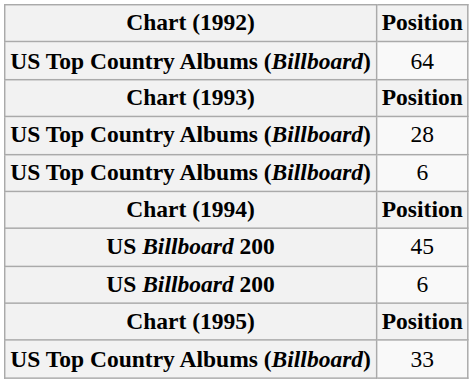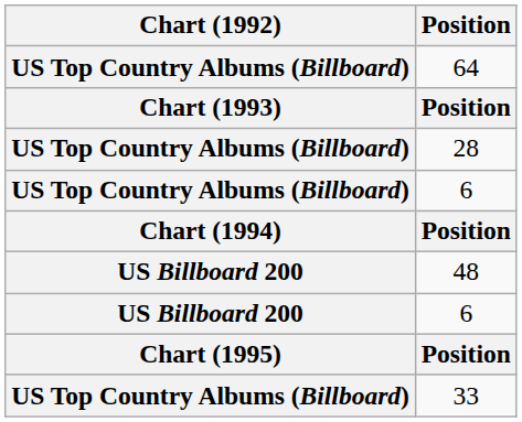 <table class="wikitable plainrowheaders" style="text-align:center">
 <tr>
 <th scope="col">Chart (1992)</th>
 <th scope="col">Position</th>
 </tr>
 <tr>
 <th scope="row">US Top Country Albums (<em>Billboard</em>)</th>
 <td>64</td>
 </tr>
 <tr>
 <th scope="col">Chart (1993)</th>
 <th scope="col">Position</th>
 </tr>
 <tr>
 <th scope="row">US Top Country Albums (<em>Billboard</em>)</th>
 <td>28</td>
 </tr>
 <tr>
 <th scope="row">US Top Country Albums (<em>Billboard</em>)</th>
 <td>6</td>
 </tr>
 <tr>
 <th scope="col">Chart (1994)</th>
 <th scope="col">Position</th>
 </tr>
 <tr>
 <th scope="row">US <em>Billboard</em> 200</th>
-<td>45</td>
+<td>48</td>
 </tr>
 <tr>
 <th scope="row">US <em>Billboard</em> 200</th>
 <td>6</td>
 </tr>
 <tr>
 <th scope="col">Chart (1995)</th>
 <th scope="col">Position</th>
 </tr>
 <tr>
 <th scope="row">US Top Country Albums (<em>Billboard</em>)</th>
 <td>33</td>
 </tr>
 </table>
